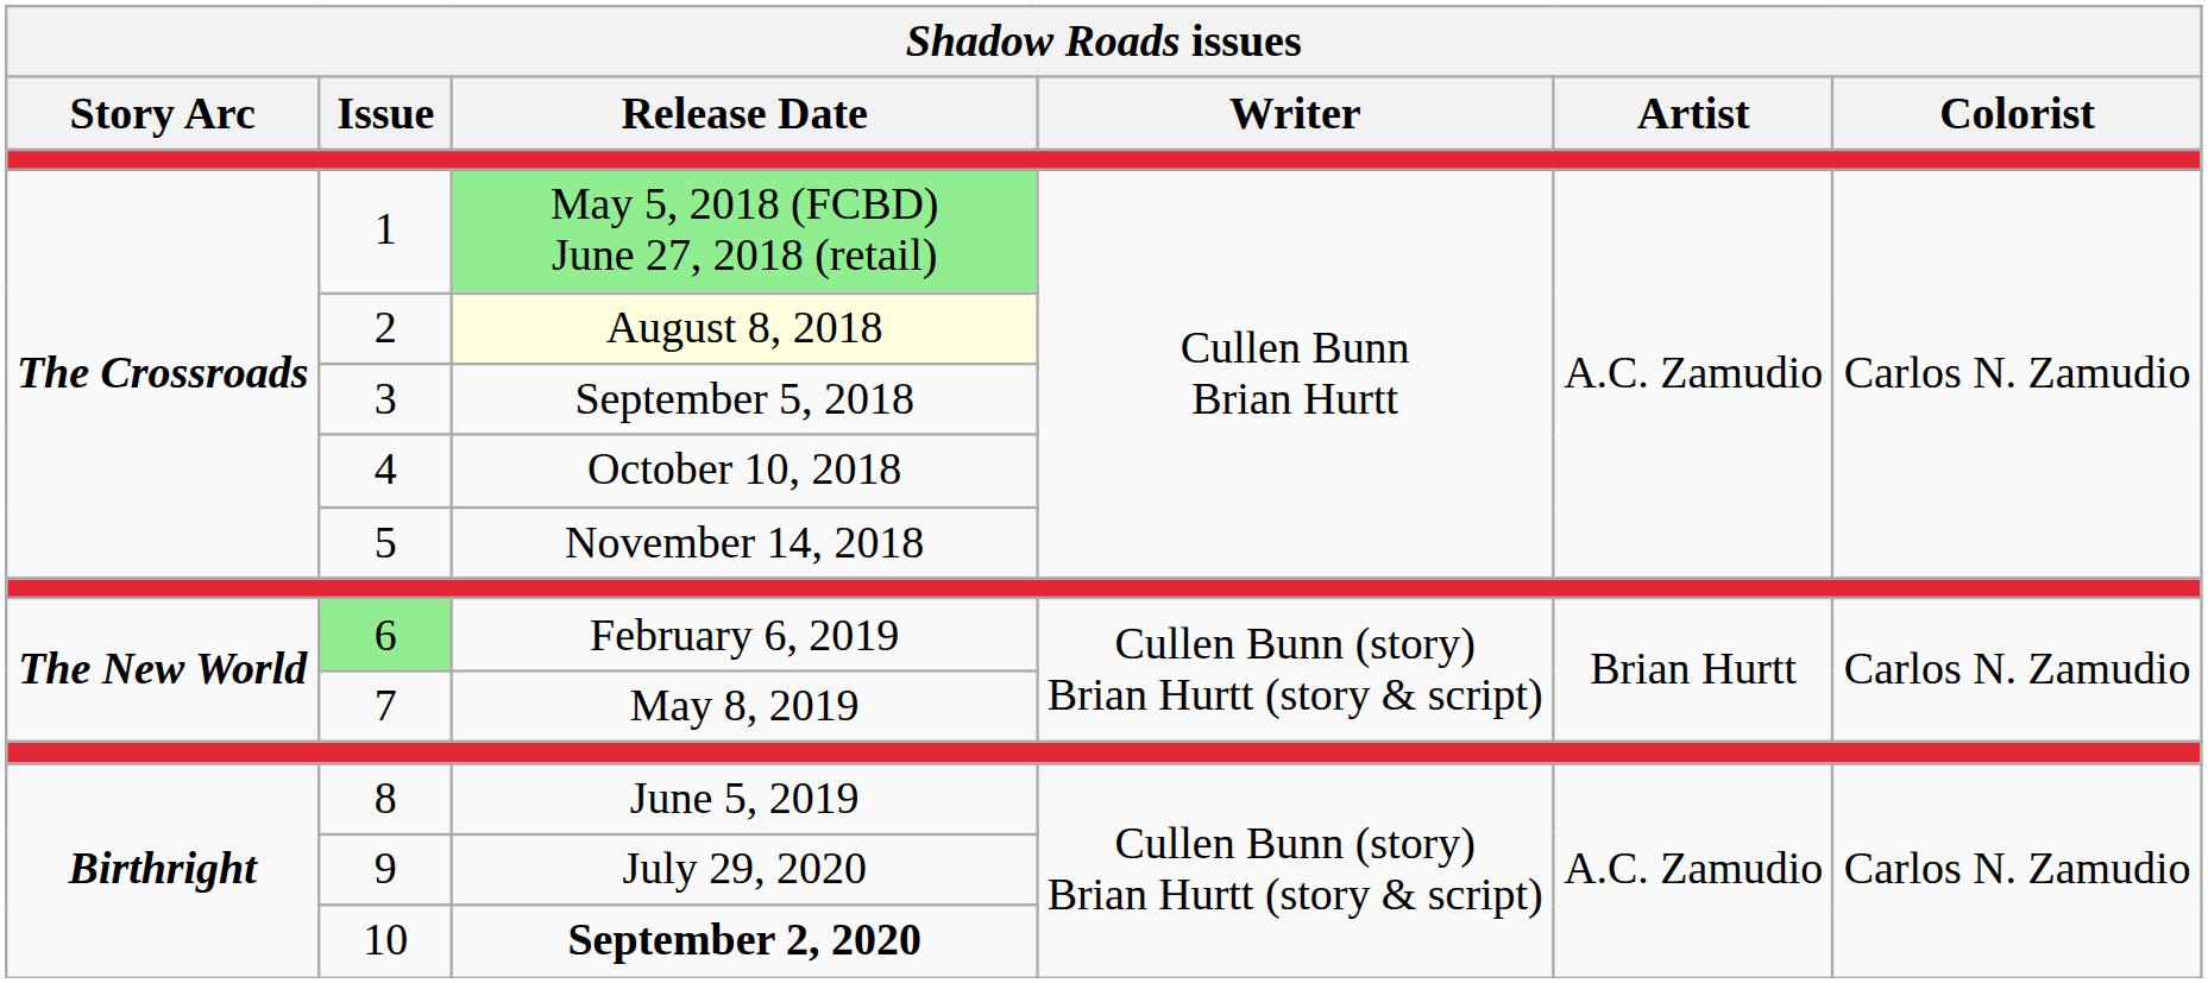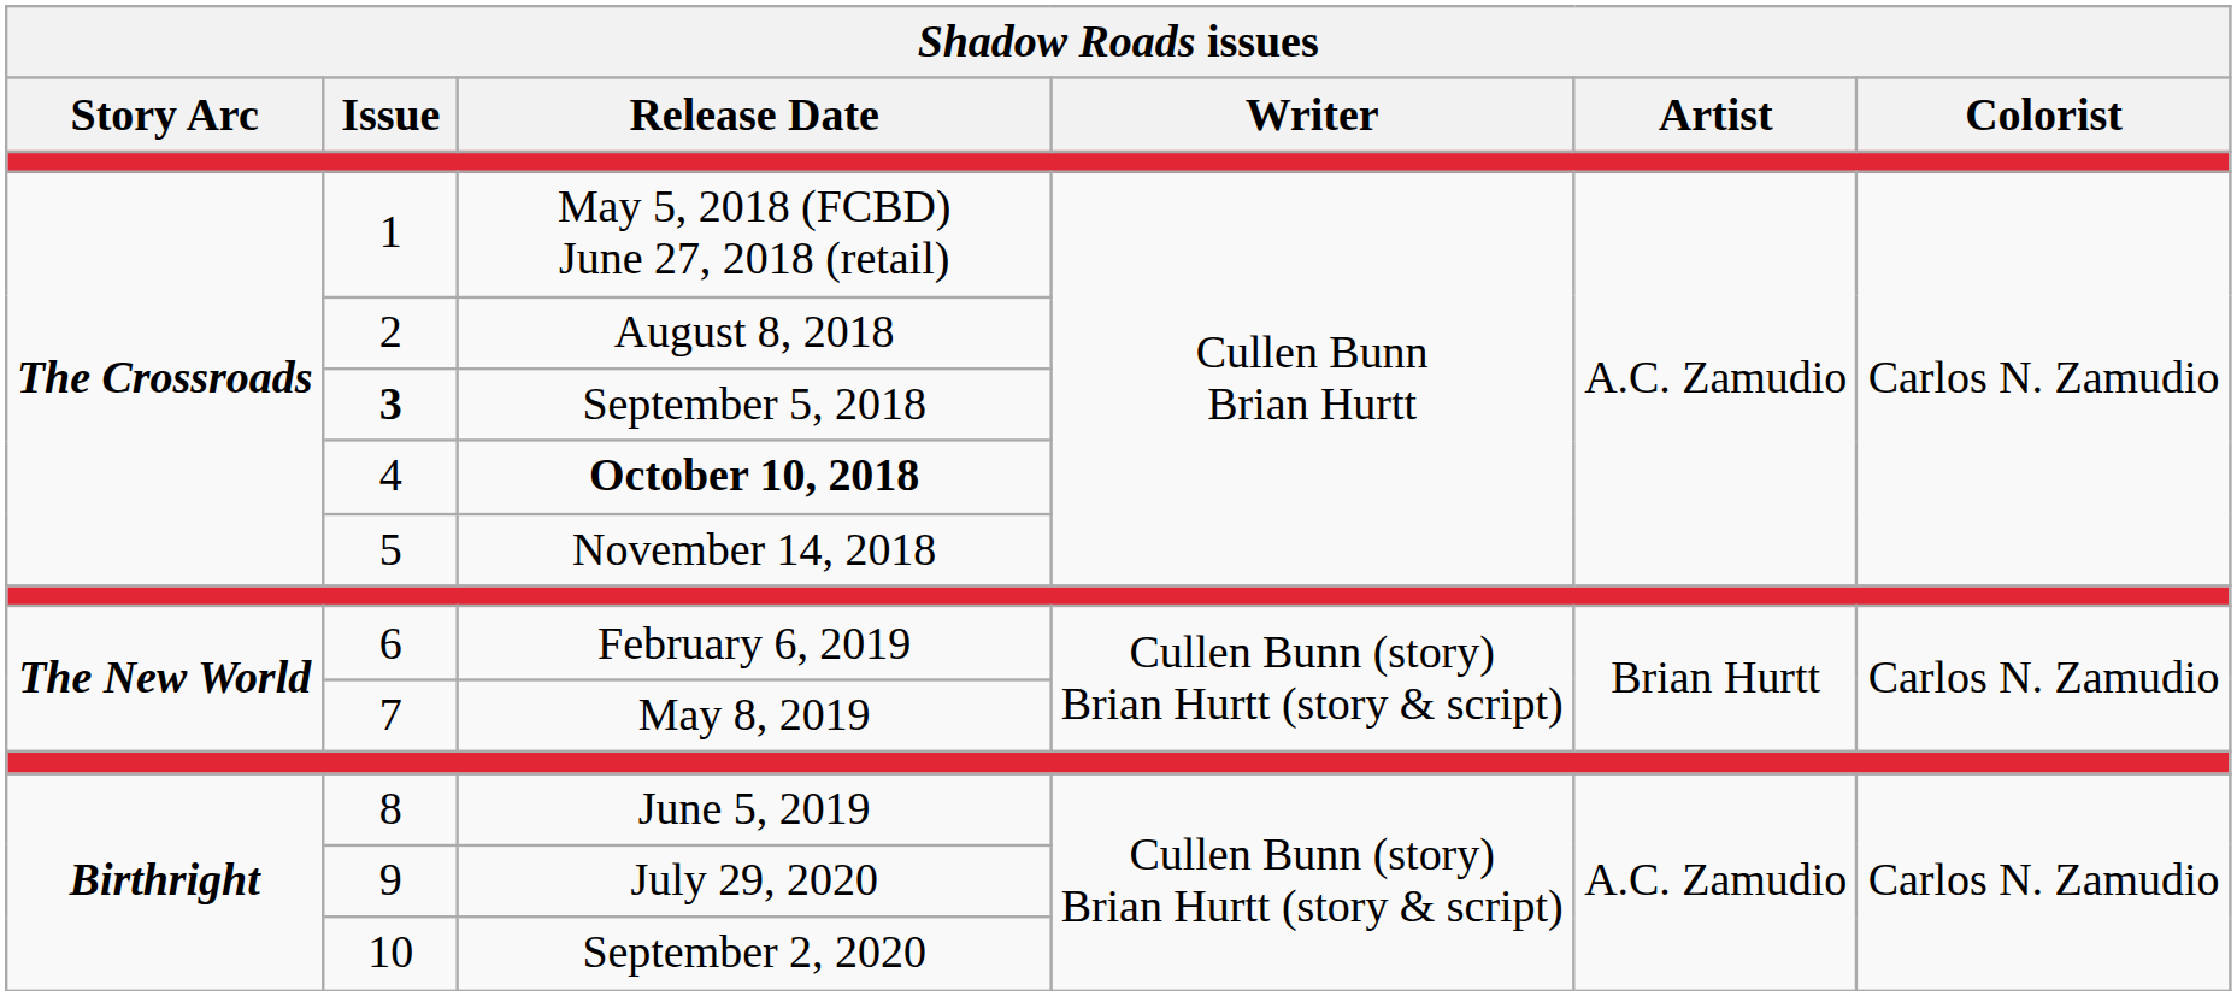 <table class="wikitable mw-collapsible mw-collapsed" style="text-align: center">
 <tr>
 <th colspan=6><em>Shadow Roads</em> issues</th>
 </tr>
 <tr>
 <th>Story Arc</th>
 <th width="40px">Issue</th>
 <th width="200px">Release Date</th>
 <th>Writer</th>
 <th>Artist</th>
 <th>Colorist</th>
 </tr>
 <tr>
 <td colspan=7 style=background:#e32636;></td>
 </tr>
 <tr>
 <td rowspan=5><strong><em>The Crossroads</em></strong></td>
 <td>1</td>
-<td style="background: lightgreen;">May 5, 2018 (FCBD)<br>June 27, 2018 (retail)</td>
+<td>May 5, 2018 (FCBD)<br>June 27, 2018 (retail)</td>
 <td rowspan=5>Cullen Bunn<br>Brian Hurtt</td>
 <td rowspan=5>A.C. Zamudio</td>
 <td rowspan=5>Carlos N. Zamudio</td>
 </tr>
 <tr>
 <td>2</td>
-<td style="background: lightyellow;">August 8, 2018</td>
+<td>August 8, 2018</td>
 </tr>
 <tr>
-<td>3</td>
+<td><strong>3</strong></td>
 <td>September 5, 2018</td>
 </tr>
 <tr>
 <td>4</td>
-<td>October 10, 2018</td>
+<td><strong>October 10, 2018</strong></td>
 </tr>
 <tr>
 <td>5</td>
 <td>November 14, 2018</td>
 </tr>
 <tr>
 <td colspan=7 style=background:#e32636;></td>
 </tr>
 <tr>
 <td rowspan=2><strong><em>The New World</em></strong></td>
-<td style="background: lightgreen;">6</td>
+<td>6</td>
 <td>February 6, 2019</td>
 <td rowspan=2>Cullen Bunn (story)<br>Brian Hurtt (story & script)</td>
 <td rowspan=2>Brian Hurtt</td>
 <td rowspan=2>Carlos N. Zamudio</td>
 </tr>
 <tr>
 <td>7</td>
 <td>May 8, 2019</td>
 </tr>
 <tr>
 <td colspan=7 style=background:#e32636;></td>
 </tr>
 <tr>
 <td rowspan=3><strong><em>Birthright</em></strong></td>
 <td>8</td>
 <td>June 5, 2019</td>
 <td rowspan=3>Cullen Bunn (story)<br>Brian Hurtt (story & script)</td>
 <td rowspan=3>A.C. Zamudio</td>
 <td rowspan=3>Carlos N. Zamudio</td>
 </tr>
 <tr>
 <td>9</td>
 <td>July 29, 2020</td>
 </tr>
 <tr>
 <td>10</td>
-<td><strong>September 2, 2020</strong></td>
+<td>September 2, 2020</td>
 </tr>
 </table>
